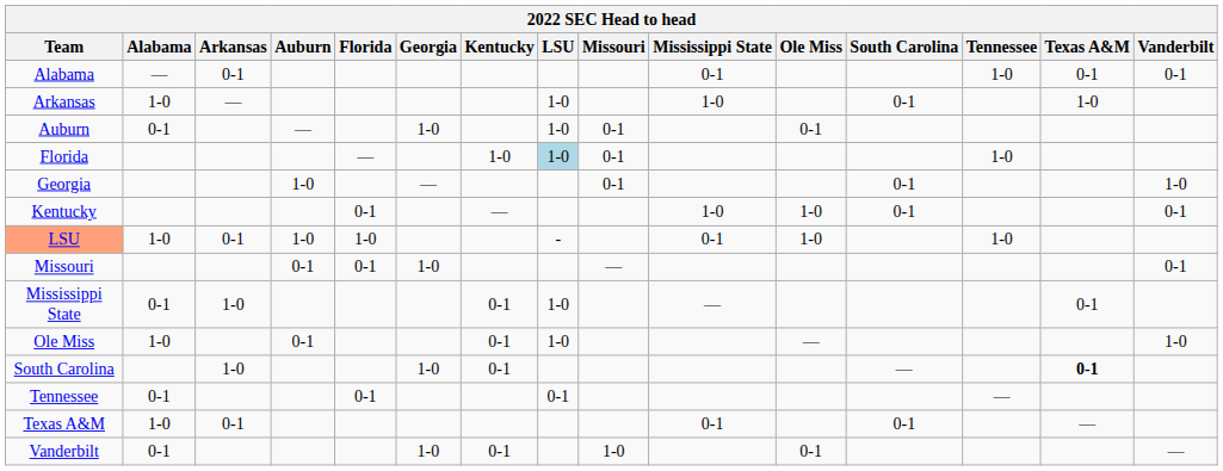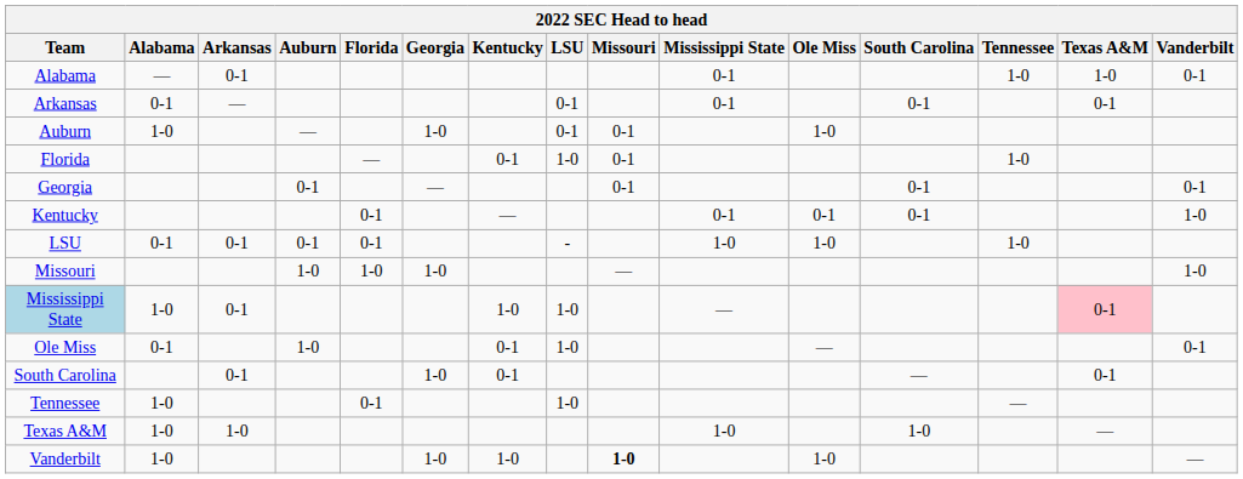 <table class="wikitable" style="font-size:95%; text-align:center;">
 <tr>
 <th colspan=17>2022 SEC Head to head</th>
 </tr>
 <tr>
 <th style="width:100px;">Team</th>
 <th>Alabama</th>
 <th>Arkansas</th>
 <th>Auburn</th>
 <th>Florida</th>
 <th>Georgia</th>
 <th>Kentucky</th>
 <th>LSU</th>
 <th>Missouri</th>
 <th>Mississippi State</th>
 <th>Ole Miss</th>
 <th>South Carolina</th>
 <th>Tennessee</th>
 <th>Texas A&M</th>
 <th>Vanderbilt</th>
 </tr>
 <tr>
 <td><a href='#'>Alabama</a></td>
 <td>—</td>
 <td>0-1</td>
 <td></td>
 <td></td>
 <td></td>
 <td></td>
 <td></td>
 <td></td>
 <td>0-1</td>
 <td></td>
 <td></td>
 <td>1-0</td>
-<td>0-1</td>
+<td>1-0</td>
 <td>0-1</td>
 </tr>
 <tr>
 <td><a href='#'>Arkansas</a></td>
-<td>1-0</td>
+<td>0-1</td>
 <td>—</td>
 <td></td>
 <td></td>
 <td></td>
 <td></td>
-<td>1-0</td>
-<td></td>
-<td>1-0</td>
+<td>0-1</td>
 <td></td>
 <td>0-1</td>
 <td></td>
-<td>1-0</td>
+<td>0-1</td>
+<td></td>
+<td>0-1</td>
 <td></td>
 </tr>
 <tr>
 <td><a href='#'>Auburn</a></td>
-<td>0-1</td>
+<td>1-0</td>
 <td></td>
 <td>—</td>
 <td></td>
 <td>1-0</td>
 <td></td>
-<td>1-0</td>
+<td>0-1</td>
 <td>0-1</td>
 <td></td>
-<td>0-1</td>
+<td>1-0</td>
 <td></td>
 <td></td>
 <td></td>
 <td></td>
 </tr>
 <tr>
 <td><a href='#'>Florida</a></td>
 <td></td>
 <td></td>
 <td></td>
 <td>—</td>
 <td></td>
+<td>0-1</td>
 <td>1-0</td>
-<td style="background: lightblue;">1-0</td>
 <td>0-1</td>
 <td></td>
 <td></td>
 <td></td>
 <td>1-0</td>
 <td></td>
 <td></td>
 </tr>
 <tr>
 <td><a href='#'>Georgia</a></td>
 <td></td>
 <td></td>
-<td>1-0</td>
+<td>0-1</td>
 <td></td>
 <td>—</td>
 <td></td>
 <td></td>
 <td>0-1</td>
 <td></td>
 <td></td>
 <td>0-1</td>
 <td></td>
 <td></td>
-<td>1-0</td>
+<td>0-1</td>
 </tr>
 <tr>
 <td><a href='#'>Kentucky</a></td>
 <td></td>
 <td></td>
 <td></td>
 <td>0-1</td>
 <td></td>
 <td>—</td>
 <td></td>
 <td></td>
-<td>1-0</td>
-<td>1-0</td>
+<td>0-1</td>
+<td>0-1</td>
 <td>0-1</td>
 <td></td>
 <td></td>
-<td>0-1</td>
+<td>1-0</td>
 </tr>
 <tr>
-<td style="background: lightsalmon;"><a href='#'>LSU</a></td>
-<td>1-0</td>
+<td><a href='#'>LSU</a></td>
 <td>0-1</td>
-<td>1-0</td>
-<td>1-0</td>
+<td>0-1</td>
+<td>0-1</td>
+<td>0-1</td>
 <td></td>
 <td></td>
 <td>-</td>
 <td></td>
-<td>0-1</td>
+<td>1-0</td>
 <td>1-0</td>
 <td></td>
 <td>1-0</td>
 <td></td>
 <td></td>
 </tr>
 <tr>
 <td><a href='#'>Missouri</a></td>
 <td></td>
 <td></td>
-<td>0-1</td>
-<td>0-1</td>
+<td>1-0</td>
+<td>1-0</td>
 <td>1-0</td>
 <td></td>
 <td></td>
 <td>—</td>
 <td></td>
 <td></td>
 <td></td>
 <td></td>
 <td></td>
-<td>0-1</td>
+<td>1-0</td>
 </tr>
 <tr>
-<td><a href='#'>Mississippi State</a></td>
+<td style="background: lightblue;"><a href='#'>Mississippi State</a></td>
+<td>1-0</td>
 <td>0-1</td>
-<td>1-0</td>
 <td></td>
 <td></td>
 <td></td>
-<td>0-1</td>
+<td>1-0</td>
 <td>1-0</td>
 <td></td>
 <td>—</td>
 <td></td>
 <td></td>
 <td></td>
-<td>0-1</td>
+<td style="background: pink;">0-1</td>
 <td></td>
 </tr>
 <tr>
 <td><a href='#'>Ole Miss</a></td>
+<td>0-1</td>
+<td></td>
 <td>1-0</td>
-<td></td>
-<td>0-1</td>
 <td></td>
 <td></td>
 <td>0-1</td>
 <td>1-0</td>
 <td></td>
 <td></td>
 <td>—</td>
 <td></td>
 <td></td>
 <td></td>
-<td>1-0</td>
+<td>0-1</td>
 </tr>
 <tr>
 <td><a href='#'>South Carolina</a></td>
 <td></td>
-<td>1-0</td>
+<td>0-1</td>
 <td></td>
 <td></td>
 <td>1-0</td>
 <td>0-1</td>
 <td></td>
 <td></td>
 <td></td>
 <td></td>
 <td>—</td>
 <td></td>
-<td><strong>0-1</strong></td>
+<td>0-1</td>
 <td></td>
 </tr>
 <tr>
 <td><a href='#'>Tennessee</a></td>
-<td>0-1</td>
+<td>1-0</td>
 <td></td>
 <td></td>
 <td>0-1</td>
 <td></td>
 <td></td>
-<td>0-1</td>
+<td>1-0</td>
 <td></td>
 <td></td>
 <td></td>
 <td></td>
 <td>—</td>
 <td></td>
 <td></td>
 </tr>
 <tr>
 <td><a href='#'>Texas A&M</a></td>
 <td>1-0</td>
-<td>0-1</td>
+<td>1-0</td>
 <td></td>
 <td></td>
 <td></td>
 <td></td>
 <td></td>
 <td></td>
-<td>0-1</td>
+<td>1-0</td>
 <td></td>
-<td>0-1</td>
+<td>1-0</td>
 <td></td>
 <td>—</td>
 <td></td>
 </tr>
 <tr>
 <td><a href='#'>Vanderbilt</a></td>
-<td>0-1</td>
+<td>1-0</td>
 <td></td>
 <td></td>
 <td></td>
 <td>1-0</td>
-<td>0-1</td>
+<td>1-0</td>
+<td></td>
+<td><strong>1-0</strong></td>
 <td></td>
 <td>1-0</td>
-<td></td>
-<td>0-1</td>
 <td></td>
 <td></td>
 <td></td>
 <td>—</td>
 </tr>
 </table>
